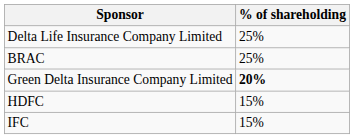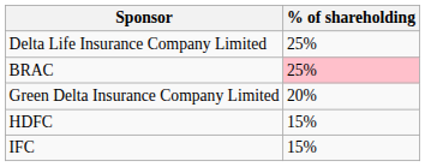 <table class="wikitable">
 <tr>
 <th>Sponsor</th>
 <th>% of shareholding</th>
 </tr>
 <tr>
 <td>Delta Life Insurance Company Limited</td>
 <td>25%</td>
 </tr>
 <tr>
 <td>BRAC</td>
-<td>25%</td>
+<td style="background: pink;">25%</td>
 </tr>
 <tr>
 <td>Green Delta Insurance Company Limited</td>
-<td><strong>20%</strong></td>
+<td>20%</td>
 </tr>
 <tr>
 <td>HDFC</td>
 <td>15%</td>
 </tr>
 <tr>
 <td>IFC</td>
 <td>15%</td>
 </tr>
 </table>
